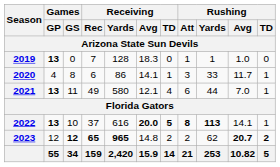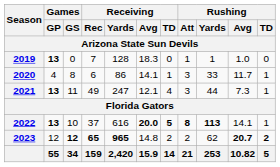 <table class="wikitable" style="text-align:center;">
 <tr>
 <th rowspan="2">Season</th>
 <th colspan="2">Games</th>
 <th colspan="4">Receiving</th>
 <th colspan="4">Rushing</th>
 </tr>
 <tr>
 <th>GP</th>
 <th>GS</th>
 <th>Rec</th>
 <th>Yards</th>
 <th>Avg</th>
 <th>TD</th>
 <th>Att</th>
 <th>Yards</th>
 <th>Avg</th>
 <th>TD</th>
 </tr>
 <tr>
 <th colspan="11">Arizona State Sun Devils</th>
 </tr>
 <tr>
 <th><a href='#'>2019</a></th>
 <td><strong>13</strong></td>
 <td>0</td>
 <td>7</td>
 <td>128</td>
 <td>18.3</td>
 <td>0</td>
 <td>1</td>
 <td>1</td>
 <td>1.0</td>
 <td>0</td>
 </tr>
 <tr>
 <th><a href='#'>2020</a></th>
 <td>4</td>
 <td>8</td>
 <td>6</td>
 <td>86</td>
 <td>14.1</td>
 <td>1</td>
 <td>3</td>
 <td>33</td>
 <td>11.7</td>
 <td>1</td>
 </tr>
 <tr>
 <th><a href='#'>2021</a></th>
 <td><strong>13</strong></td>
 <td>11</td>
 <td>49</td>
-<td>580</td>
+<td>247</td>
 <td>12.1</td>
 <td>4</td>
-<td>6</td>
+<td>3</td>
 <td>44</td>
-<td>7.0</td>
+<td>7.3</td>
 <td>1</td>
 </tr>
 <tr>
 <th colspan="11">Florida Gators</th>
 </tr>
 <tr>
 <th><a href='#'>2022</a></th>
 <td><strong>13</strong></td>
 <td>10</td>
 <td>37</td>
 <td>616</td>
 <td><strong>20.0</strong></td>
 <td><strong>5</strong></td>
 <td><strong>8</strong></td>
 <td><strong>113</strong></td>
 <td>14.1</td>
 <td>1</td>
 </tr>
 <tr>
 <th><a href='#'>2023</a></th>
 <td>12</td>
 <td><strong>12</strong></td>
 <td><strong>65</strong></td>
 <td><strong>965</strong></td>
 <td>14.8</td>
 <td>2</td>
 <td>2</td>
 <td>62</td>
 <td><strong>20.7</strong></td>
 <td><strong>2</strong></td>
 </tr>
 <tr>
 <th></th>
 <th>55</th>
 <th>34</th>
 <th>159</th>
 <th>2,420</th>
 <th>15.9</th>
 <th>14</th>
 <th>21</th>
 <th>253</th>
 <th>10.82</th>
 <th>5</th>
 </tr>
 </table>
